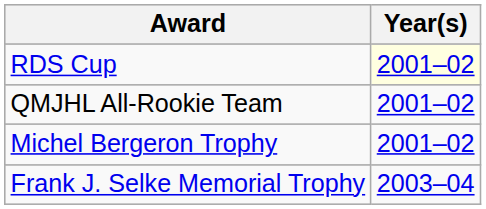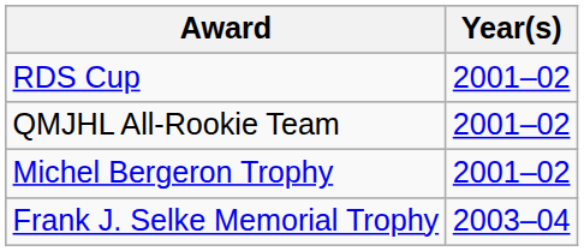 <table class="wikitable">
 <tr>
 <th>Award</th>
 <th>Year(s)</th>
 </tr>
 <tr>
 <td><a href='#'>RDS Cup</a></td>
-<td style="background: lightyellow;"><a href='#'>2001–02</a></td>
+<td><a href='#'>2001–02</a></td>
 </tr>
 <tr>
 <td>QMJHL All-Rookie Team</td>
 <td><a href='#'>2001–02</a></td>
 </tr>
 <tr>
 <td><a href='#'>Michel Bergeron Trophy</a></td>
 <td><a href='#'>2001–02</a></td>
 </tr>
 <tr>
 <td><a href='#'>Frank J. Selke Memorial Trophy</a></td>
 <td><a href='#'>2003–04</a></td>
 </tr>
 </table>
